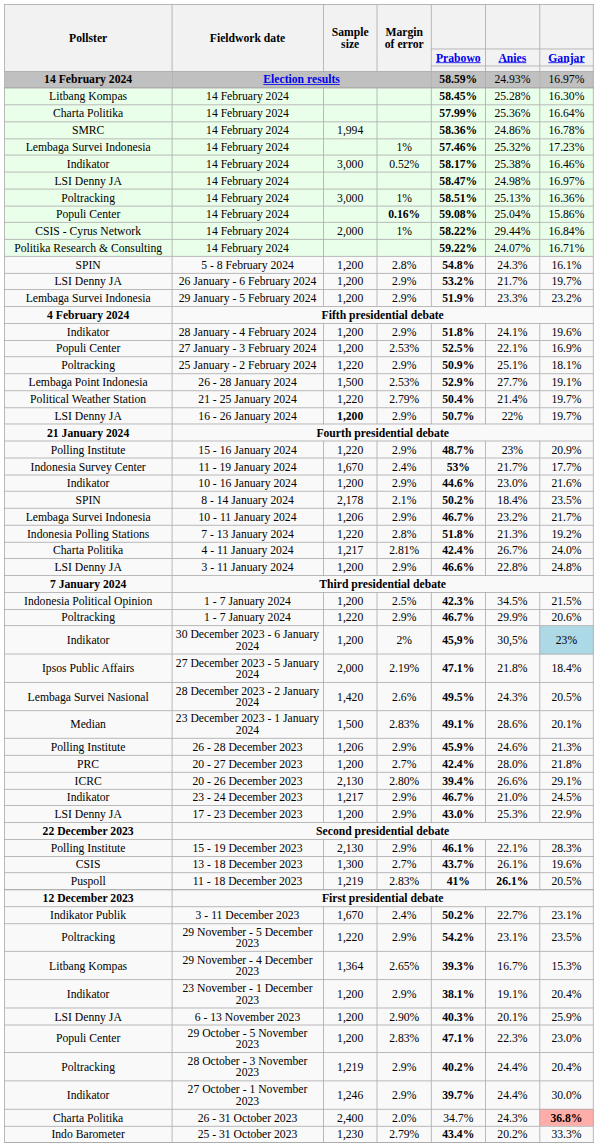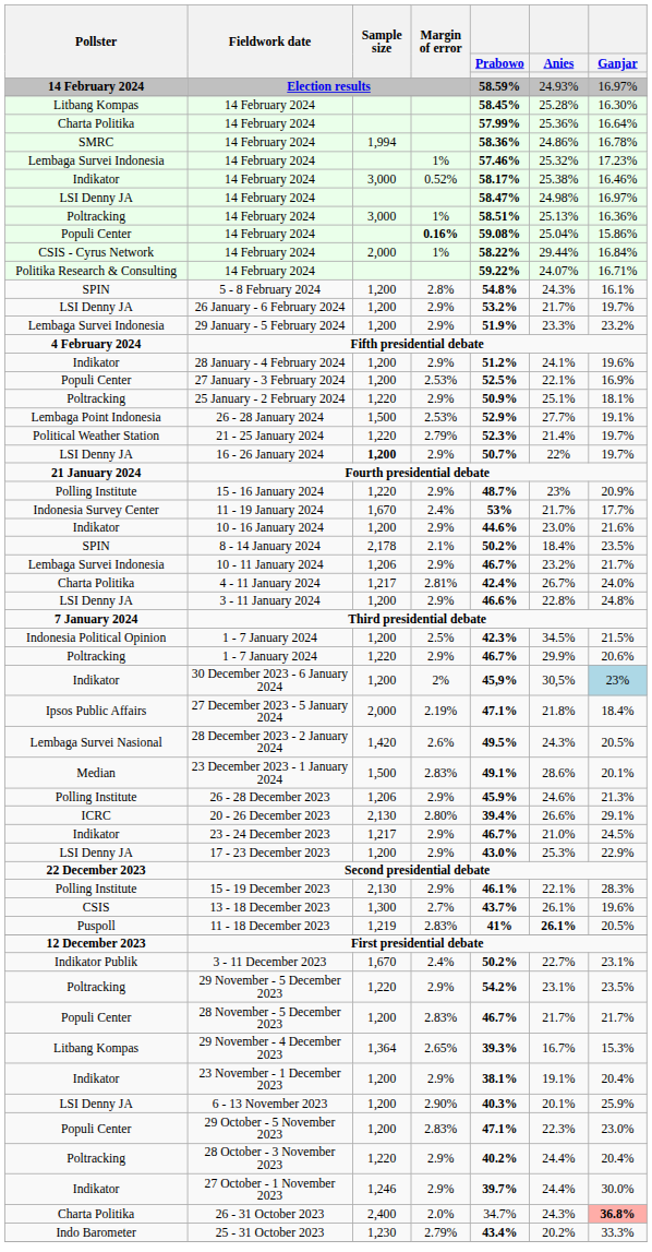 <table class="wikitable" style="text-align:center; font-size:90%; line-height:14px;">
 <tr style="height:55px; background-color:#E9E9E9">
 <th rowspan="3" style="width:200px;">Pollster</th>
 <th rowspan="3" style="width:180px;">Fieldwork date</th>
 <th rowspan="3" style="width:60px;">Sample size</th>
 <th rowspan="3" style="width:60px;">Margin of error</th>
 <th style="width:60px;"></th>
 <th style="width:60px;"></th>
 <th style="width:60px;"></th>
 </tr>
 <tr>
 <th><a href='#'>Prabowo</a> <br></th>
 <th><a href='#'>Anies</a> <br></th>
 <th><a href='#'>Ganjar</a> <br></th>
 </tr>
 <tr>
 <th class="unsortable" style="color:inherit;background:"></th>
 <th class="unsortable" style="color:inherit;background:"></th>
 <th class="unsortable" style="color:inherit;background:"></th>
 </tr>
 <tr style=background:silver>
 <td><strong>14 February 2024</strong></td>
 <td colspan="3"><strong><a href='#'>Election results</a></strong></td>
 <td style="background-color:#"><strong>58.59%</strong></td>
 <td>24.93%</td>
 <td>16.97%</td>
 </tr>
 <tr>
 </tr>
 <tr style="background:#EAFFEA"|>
 <td>Litbang Kompas</td>
 <td>14 February 2024</td>
 <td></td>
 <td></td>
 <td style="background-color:#"><strong>58.45%</strong></td>
 <td>25.28%</td>
 <td>16.30%</td>
 </tr>
 <tr style="background:#EAFFEA"|>
 <td>Charta Politika</td>
 <td>14 February 2024</td>
 <td></td>
 <td></td>
 <td style="background-color:#"><strong>57.99%</strong></td>
 <td>25.36%</td>
 <td>16.64%</td>
 </tr>
 <tr style="background:#EAFFEA"|>
 <td>SMRC</td>
 <td>14 February 2024</td>
 <td>1,994</td>
 <td></td>
 <td style="background-color:#"><strong>58.36%</strong></td>
 <td>24.86%</td>
 <td>16.78%</td>
 </tr>
 <tr style="background:#EAFFEA"|>
 <td>Lembaga Survei Indonesia</td>
 <td>14 February 2024</td>
 <td></td>
 <td>1%</td>
 <td style="background-color:#"><strong>57.46%</strong></td>
 <td>25.32%</td>
 <td>17.23%</td>
 </tr>
 <tr style="background:#EAFFEA"|>
 <td>Indikator</td>
 <td>14 February 2024</td>
 <td>3,000</td>
 <td>0.52%</td>
 <td style="background-color:#"><strong>58.17%</strong></td>
 <td>25.38%</td>
 <td>16.46%</td>
 </tr>
 <tr style="background:#EAFFEA"|>
 <td>LSI Denny JA</td>
 <td>14 February 2024</td>
 <td></td>
 <td></td>
 <td style="background-color:#"><strong>58.47%</strong></td>
 <td>24.98%</td>
 <td>16.97%</td>
 </tr>
 <tr style="background:#EAFFEA"|>
 <td>Poltracking</td>
 <td>14 February 2024</td>
 <td>3,000</td>
 <td>1%</td>
 <td style="background-color:#"><strong>58.51%</strong></td>
 <td>25.13%</td>
 <td>16.36%</td>
 </tr>
 <tr style="background:#EAFFEA"|>
 <td>Populi Center</td>
 <td>14 February 2024</td>
 <td></td>
 <td><strong>0.16%</strong></td>
 <td style="background-color:#"><strong>59.08%</strong></td>
 <td>25.04%</td>
 <td>15.86%</td>
 </tr>
 <tr style="background:#EAFFEA"|>
 <td>CSIS - Cyrus Network</td>
 <td>14 February 2024</td>
 <td>2,000</td>
 <td>1%</td>
 <td style="background-color:#"><strong>58.22%</strong></td>
 <td>29.44%</td>
 <td>16.84%</td>
 </tr>
 <tr style="background:#EAFFEA"|>
 <td>Politika Research & Consulting</td>
 <td>14 February 2024</td>
 <td></td>
 <td></td>
 <td style="background-color:#"><strong>59.22%</strong></td>
 <td>24.07%</td>
 <td>16.71%</td>
 </tr>
 <tr>
 <td>SPIN</td>
 <td>5 - 8 February 2024</td>
 <td>1,200</td>
 <td>2.8%</td>
 <td style="background-color:#"><strong>54.8%</strong></td>
 <td>24.3%</td>
 <td>16.1%</td>
 </tr>
 <tr>
 <td>LSI Denny JA</td>
 <td>26 January - 6 February 2024</td>
 <td>1,200</td>
 <td>2.9%</td>
 <td style="background-color:#"><strong>53.2%</strong></td>
 <td>21.7%</td>
 <td>19.7%</td>
 </tr>
 <tr>
 <td>Lembaga Survei Indonesia</td>
 <td>29 January - 5 February 2024</td>
 <td>1,200</td>
 <td>2.9%</td>
 <td style="background-color:#"><strong>51.9%</strong></td>
 <td>23.3%</td>
 <td>23.2%</td>
 </tr>
 <tr>
 <td><strong>4 February 2024</strong></td>
 <td colspan="6"><strong>Fifth presidential debate</strong></td>
 </tr>
 <tr>
 <td>Indikator</td>
 <td>28 January - 4 February 2024</td>
 <td>1,200</td>
 <td>2.9%</td>
-<td style="background-color:#"><strong>51.8%</strong></td>
+<td style="background-color:#"><strong>51.2%</strong></td>
 <td>24.1%</td>
 <td>19.6%</td>
 </tr>
 <tr>
 <td>Populi Center</td>
 <td>27 January - 3 February 2024</td>
 <td>1,200</td>
 <td>2.53%</td>
 <td style="background-color:#"><strong>52.5%</strong></td>
 <td>22.1%</td>
 <td>16.9%</td>
 </tr>
 <tr>
 <td>Poltracking</td>
 <td>25 January - 2 February 2024</td>
 <td>1,220</td>
 <td>2.9%</td>
 <td style="background-color:#"><strong>50.9%</strong></td>
 <td>25.1%</td>
 <td>18.1%</td>
 </tr>
 <tr>
 <td>Lembaga Point Indonesia</td>
 <td>26 - 28 January 2024</td>
 <td>1,500</td>
 <td>2.53%</td>
 <td style="background-color:#"><strong>52.9%</strong></td>
 <td>27.7%</td>
 <td>19.1%</td>
 </tr>
 <tr>
 <td>Political Weather Station</td>
 <td>21 - 25 January 2024</td>
 <td>1,220</td>
 <td>2.79%</td>
-<td style="background-color:#"><strong>50.4%</strong></td>
+<td style="background-color:#"><strong>52.3%</strong></td>
 <td>21.4%</td>
 <td>19.7%</td>
 </tr>
 <tr>
 <td>LSI Denny JA</td>
 <td>16 - 26 January 2024</td>
 <td><strong>1,200</strong></td>
 <td>2.9%</td>
 <td style="background-color:#"><strong>50.7%</strong></td>
 <td>22%</td>
 <td>19.7%</td>
 </tr>
 <tr>
 <td><strong>21 January 2024</strong></td>
 <td colspan="6"><strong>Fourth presidential debate</strong></td>
 </tr>
 <tr>
 <td>Polling Institute</td>
 <td>15 - 16 January 2024</td>
 <td>1,220</td>
 <td>2.9%</td>
 <td style="background-color:#"><strong>48.7%</strong></td>
 <td>23%</td>
 <td>20.9%</td>
 </tr>
 <tr>
 <td>Indonesia Survey Center</td>
 <td>11 - 19 January 2024</td>
 <td>1,670</td>
 <td>2.4%</td>
 <td style="background-color:#"><strong>53%</strong></td>
 <td>21.7%</td>
 <td>17.7%</td>
 </tr>
 <tr>
 <td>Indikator</td>
 <td>10 - 16 January 2024</td>
 <td>1,200</td>
 <td>2.9%</td>
 <td style="background-color:#"><strong>44.6%</strong></td>
 <td>23.0%</td>
 <td>21.6%</td>
 </tr>
 <tr>
 <td>SPIN</td>
 <td>8 - 14 January 2024</td>
 <td>2,178</td>
 <td>2.1%</td>
 <td style="background-color:#"><strong>50.2%</strong></td>
 <td>18.4%</td>
 <td>23.5%</td>
 </tr>
 <tr>
 <td>Lembaga Survei Indonesia</td>
 <td>10 - 11 January 2024</td>
 <td>1,206</td>
 <td>2.9%</td>
 <td style="background-color:#"><strong>46.7%</strong></td>
 <td>23.2%</td>
 <td>21.7%</td>
-</tr>
-<tr>
-<td>Indonesia Polling Stations</td>
-<td>7 - 13 January 2024</td>
-<td>1,220</td>
-<td>2.8%</td>
-<td style="background-color:#"><strong>51.8%</strong></td>
-<td>21.3%</td>
-<td>19.2%</td>
 </tr>
 <tr>
 <td>Charta Politika</td>
 <td>4 - 11 January 2024</td>
 <td>1,217</td>
 <td>2.81%</td>
 <td style="background-color:#"><strong>42.4%</strong></td>
 <td>26.7%</td>
 <td>24.0%</td>
 </tr>
 <tr>
 <td>LSI Denny JA</td>
 <td>3 - 11 January 2024</td>
 <td>1,200</td>
 <td>2.9%</td>
 <td style="background-color:#"><strong>46.6%</strong></td>
 <td>22.8%</td>
 <td>24.8%</td>
 </tr>
 <tr>
 <td><strong>7 January 2024</strong></td>
 <td colspan="6"><strong>Third presidential debate</strong></td>
 </tr>
 <tr>
 <td>Indonesia Political Opinion</td>
 <td>1 - 7 January 2024</td>
 <td>1,200</td>
 <td>2.5%</td>
 <td style="background-color:#"><strong>42.3%</strong></td>
 <td>34.5%</td>
 <td>21.5%</td>
 </tr>
 <tr>
 <td>Poltracking</td>
 <td>1 - 7 January 2024</td>
 <td>1,220</td>
 <td>2.9%</td>
 <td style="background-color:#"><strong>46.7%</strong></td>
 <td>29.9%</td>
 <td>20.6%</td>
 </tr>
 <tr>
 <td>Indikator</td>
 <td>30 December 2023 - 6 January 2024</td>
 <td>1,200</td>
 <td>2%</td>
 <td style="background-color:#"><strong>45,9%</strong></td>
 <td>30,5%</td>
 <td style="background: lightblue;">23%</td>
 </tr>
 <tr>
 <td>Ipsos Public Affairs</td>
 <td>27 December 2023 - 5 January 2024</td>
 <td>2,000</td>
 <td>2.19%</td>
 <td style="background-color:#"><strong>47.1%</strong></td>
 <td>21.8%</td>
 <td>18.4%</td>
 </tr>
 <tr>
 <td>Lembaga Survei Nasional</td>
 <td>28 December 2023 - 2 January 2024</td>
 <td>1,420</td>
 <td>2.6%</td>
 <td style="background-color:#"><strong>49.5%</strong></td>
 <td>24.3%</td>
 <td>20.5%</td>
 </tr>
 <tr>
 <td>Median</td>
 <td>23 December 2023 - 1 January 2024</td>
 <td>1,500</td>
 <td>2.83%</td>
 <td style="background-color:#"><strong>49.1%</strong></td>
 <td>28.6%</td>
 <td>20.1%</td>
 </tr>
 <tr>
 <td>Polling Institute</td>
 <td>26 - 28 December 2023</td>
 <td>1,206</td>
 <td>2.9%</td>
 <td style="background-color:#"><strong>45.9%</strong></td>
 <td>24.6%</td>
 <td>21.3%</td>
 </tr>
 <tr>
-<td>PRC</td>
-<td>20 - 27 December 2023</td>
-<td>1,200</td>
-<td>2.7%</td>
-<td style="background-color:#"><strong>42.4%</strong> </td>
-<td>28.0% </td>
-<td>21.8% </td>
-</tr>
-<tr>
 <td>ICRC</td>
 <td>20 - 26 December 2023</td>
 <td>2,130</td>
 <td>2.80%</td>
 <td style="background-color:#"><strong>39.4%</strong></td>
 <td>26.6%</td>
 <td>29.1%</td>
 </tr>
 <tr>
 <td>Indikator</td>
 <td>23 - 24 December 2023</td>
 <td>1,217</td>
 <td>2.9%</td>
 <td style="background-color:#"><strong>46.7%</strong></td>
 <td>21.0%</td>
 <td>24.5%</td>
 </tr>
 <tr>
 <td>LSI Denny JA</td>
 <td>17 - 23 December 2023</td>
 <td>1,200</td>
 <td>2.9%</td>
 <td style="background-color:#"><strong>43.0%</strong></td>
 <td>25.3%</td>
 <td>22.9%</td>
 </tr>
 <tr>
 <td><strong>22 December 2023</strong></td>
 <td colspan="6"><strong>Second presidential debate</strong></td>
 </tr>
 <tr>
 <td>Polling Institute</td>
 <td>15 - 19 December 2023</td>
 <td>2,130</td>
 <td>2.9%</td>
 <td style="background-color:#"><strong>46.1%</strong></td>
 <td>22.1%</td>
 <td>28.3%</td>
 </tr>
 <tr>
 <td>CSIS</td>
 <td>13 - 18 December 2023</td>
 <td>1,300</td>
 <td>2.7%</td>
 <td style="background-color:#"><strong>43.7%</strong></td>
 <td>26.1%</td>
 <td>19.6%</td>
 </tr>
 <tr>
 <td>Puspoll</td>
 <td>11 - 18 December 2023</td>
 <td>1,219</td>
 <td>2.83%</td>
 <td style="background-color:#"><strong>41%</strong></td>
 <td><strong>26.1%</strong></td>
 <td>20.5%</td>
 </tr>
 <tr>
 </tr>
 <tr>
 <td><strong>12 December 2023</strong></td>
 <td colspan="6"><strong>First presidential debate</strong></td>
 </tr>
 <tr>
 <td>Indikator Publik</td>
 <td>3 - 11 December 2023</td>
 <td>1,670</td>
 <td>2.4%</td>
 <td style="background-color:#"><strong>50.2%</strong></td>
 <td>22.7%</td>
 <td>23.1%</td>
 </tr>
 <tr>
 <td>Poltracking</td>
 <td>29 November - 5 December  2023</td>
 <td>1,220</td>
 <td>2.9%</td>
 <td style="background-color:#"><strong>54.2%</strong></td>
 <td>23.1%</td>
 <td>23.5%</td>
 </tr>
 <tr>
+<td>Populi Center</td>
+<td>28 November - 5 December 2023</td>
+<td>1,200</td>
+<td>2.83%</td>
+<td style="background-color:#"><strong>46.7%</strong></td>
+<td>21.7%</td>
+<td>21.7%</td>
+</tr>
+<tr>
 <td>Litbang Kompas</td>
 <td>29 November - 4 December 2023</td>
 <td>1,364</td>
 <td>2.65%</td>
 <td style="background-color:#"><strong>39.3%</strong> </td>
 <td>16.7% </td>
 <td>15.3% </td>
 </tr>
 <tr>
 <td>Indikator</td>
 <td>23 November - 1 December 2023</td>
 <td>1,200</td>
 <td>2.9%</td>
 <td style="background-color:#"><strong>38.1%</strong> </td>
 <td>19.1% </td>
 <td>20.4% </td>
 </tr>
 <tr>
 <td>LSI Denny JA</td>
 <td>6 - 13 November 2023</td>
 <td>1,200</td>
 <td>2.90%</td>
 <td style="background-color:#"><strong>40.3%</strong> </td>
 <td>20.1% </td>
 <td>25.9% </td>
 </tr>
 <tr>
 <td>Populi Center</td>
 <td>29 October - 5 November 2023</td>
 <td>1,200</td>
 <td>2.83%</td>
 <td style="background-color:#"><strong>47.1%</strong> </td>
 <td>22.3% </td>
 <td>23.0% </td>
 </tr>
 <tr>
 <td>Poltracking</td>
 <td>28 October - 3 November 2023</td>
-<td>1,219</td>
+<td>1,220</td>
 <td>2.9%</td>
 <td style="background-color:#"><strong>40.2%</strong> </td>
 <td>24.4% </td>
 <td>20.4% </td>
 </tr>
 <tr>
 <td>Indikator</td>
 <td>27 October - 1 November 2023</td>
 <td>1,246</td>
 <td>2.9%</td>
 <td style="background-color:#"><strong>39.7%</strong> </td>
 <td>24.4% </td>
 <td>30.0% </td>
 </tr>
 <tr>
 <td>Charta Politika</td>
 <td>26 - 31 October 2023</td>
 <td>2,400</td>
 <td>2.0%</td>
 <td>34.7% </td>
 <td>24.3% </td>
 <td style="background-color:#FFADA8;"><strong>36.8%</strong> </td>
 </tr>
 <tr>
 <td>Indo Barometer</td>
 <td>25 - 31 October 2023</td>
 <td>1,230</td>
 <td>2.79%</td>
 <td style="background-color:#"><strong>43.4%</strong> </td>
 <td>20.2% </td>
 <td>33.3% </td>
 </tr>
 <tr>
 </tr>
 </table>
